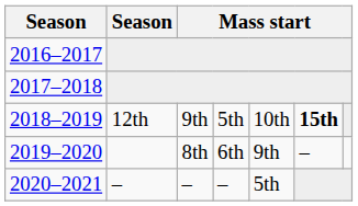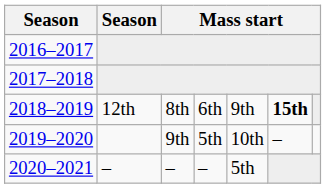 <table class="wikitable" style="display: inline-table">
 <tr>
 <th>Season</th>
 <th>Season</th>
 <th colspan="6">Mass start</th>
 </tr>
 <tr>
 <td><a href='#'> 2016–2017</a></td>
 <td colspan="6" bgcolor=#EEEEEE></td>
 </tr>
 <tr>
 <td><a href='#'> 2017–2018</a></td>
 <td colspan="6" bgcolor=#EEEEEE></td>
 </tr>
 <tr>
 <td><a href='#'> 2018–2019</a></td>
 <td>12th</td>
+<td>8th</td>
+<td>6th</td>
 <td>9th</td>
-<td>5th</td>
-<td>10th</td>
 <td><strong>15th</strong></td>
 <td colspan="1" bgcolor=#EEEEEE></td>
 </tr>
 <tr>
 <td><a href='#'> 2019–2020</a></td>
 <td></td>
-<td>8th</td>
-<td>6th</td>
 <td>9th</td>
+<td>5th</td>
+<td>10th</td>
 <td>–</td>
 <td></td>
 </tr>
 <tr>
 <td><a href='#'> 2020–2021</a></td>
 <td>–</td>
 <td>–</td>
 <td>–</td>
 <td>5th</td>
 <td colspan="2" bgcolor=#EEEEEE></td>
 </tr>
 </table>
